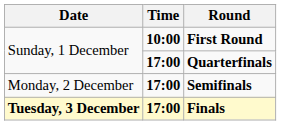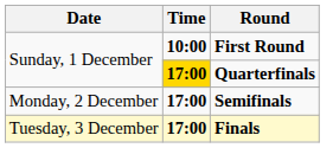 <table class="wikitable">
 <tr>
 <th>Date</th>
 <th>Time</th>
 <th>Round</th>
 </tr>
 <tr>
 <td rowspan="2">Sunday, 1 December</td>
 <td><strong>10:00</strong></td>
 <td><strong>First Round</strong></td>
 </tr>
 <tr>
-<td><strong>17:00</strong></td>
+<td style="background: gold;"><strong>17:00</strong></td>
 <td><strong>Quarterfinals</strong></td>
 </tr>
 <tr>
 <td>Monday, 2 December</td>
 <td><strong>17:00</strong></td>
 <td><strong>Semifinals</strong></td>
 </tr>
 <tr style="background:lemonchiffon;">
-<td><strong>Tuesday, 3 December</strong></td>
+<td>Tuesday, 3 December</td>
 <td><strong>17:00</strong></td>
 <td><strong>Finals</strong></td>
 </tr>
 </table>
